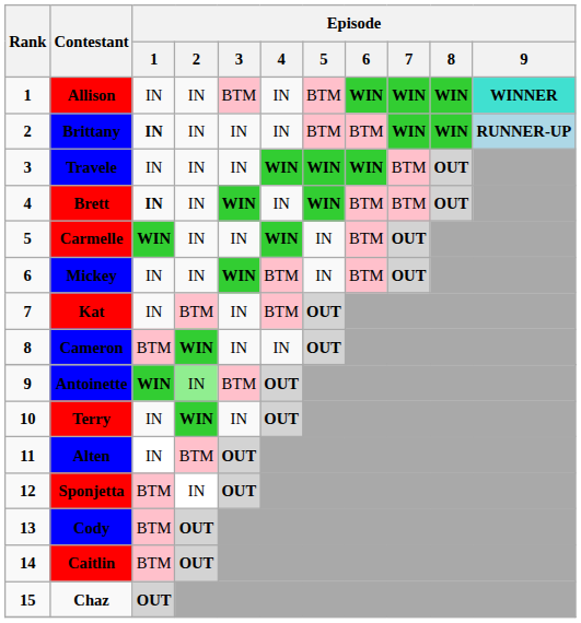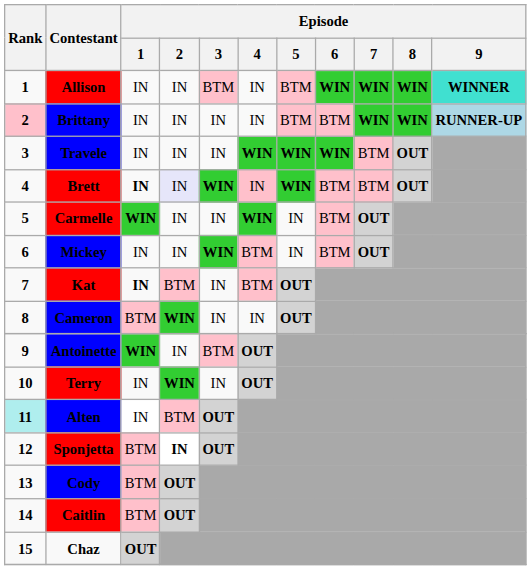 <table class="wikitable" style="text-align: center; font-size: 8.5pt; line-height:20px;">
 <tr>
 <th rowspan="2">Rank</th>
 <th rowspan="2">Contestant</th>
 <th colspan="10">Episode</th>
 </tr>
 <tr>
 <th>1</th>
 <th>2</th>
 <th>3</th>
 <th>4</th>
 <th>5</th>
 <th>6</th>
 <th>7</th>
 <th>8</th>
 <th>9</th>
 </tr>
 <tr>
 <td><strong>1</strong></td>
 <td style="background:red"><span><strong>Allison</strong></span></td>
 <td>IN</td>
 <td>IN</td>
 <td style="background:pink;">BTM</td>
 <td>IN</td>
 <td style="background:pink;">BTM</td>
 <td style="background:limegreen;"><strong>WIN</strong></td>
 <td style="background:limegreen;"><strong>WIN</strong></td>
 <td style="background:limegreen;"><strong>WIN</strong></td>
 <td style="background:turquoise;"><strong>WINNER</strong></td>
 </tr>
 <tr>
-<td><strong>2</strong></td>
+<td style="background: pink;"><strong>2</strong></td>
 <td style="background:blue"><span><strong>Brittany</strong></span></td>
-<td><strong>IN</strong></td>
+<td>IN</td>
 <td>IN</td>
 <td>IN</td>
 <td>IN</td>
 <td style="background:pink;">BTM</td>
 <td style="background:pink;">BTM</td>
 <td style="background:limegreen;"><strong>WIN</strong></td>
 <td style="background:limegreen;"><strong>WIN</strong></td>
 <td style="background:lightblue;"><strong>RUNNER-UP</strong></td>
 </tr>
 <tr>
 <td><strong>3</strong></td>
 <td style="background:blue"><span><strong>Travele</strong></span></td>
 <td>IN</td>
 <td>IN</td>
 <td>IN</td>
 <td style="background:limegreen;"><strong>WIN</strong></td>
 <td style="background:limegreen;"><strong>WIN</strong></td>
 <td style="background:limegreen;"><strong>WIN</strong></td>
 <td style="background:pink;">BTM</td>
 <td style="background:lightgray;"><strong>OUT</strong></td>
 <td colspan="10" style="background:darkgrey;"></td>
 </tr>
 <tr>
 <td><strong>4</strong></td>
 <td style="background:RED"><span><strong>Brett</strong></span></td>
 <td><strong>IN</strong></td>
-<td>IN</td>
+<td style="background: lavender;">IN</td>
 <td style="background:limegreen;"><strong>WIN</strong></td>
-<td>IN</td>
+<td style="background: pink;">IN</td>
 <td style="background:limegreen;"><strong>WIN</strong></td>
 <td style="background:pink;">BTM</td>
 <td style="background:pink;">BTM</td>
 <td style="background:lightgray;"><strong>OUT</strong></td>
 <td colspan="10" style="background:darkgrey;"></td>
 </tr>
 <tr>
 <td><strong>5</strong></td>
 <td style="background:red"><span><strong>Carmelle</strong></span></td>
 <td style="background:limegreen;"><strong>WIN</strong></td>
 <td>IN</td>
 <td>IN</td>
 <td style="background:limegreen;"><strong>WIN</strong></td>
 <td>IN</td>
 <td style="background:pink;">BTM</td>
 <td style="background:lightgray;"><strong>OUT</strong></td>
 <td colspan="10" style="background:darkgrey;"></td>
 </tr>
 <tr>
 <td><strong>6</strong></td>
 <td style="background:blue"><span><strong>Mickey</strong></span></td>
 <td>IN</td>
 <td>IN</td>
 <td style="background:limegreen;"><strong>WIN</strong></td>
 <td style="background:pink;">BTM</td>
 <td>IN</td>
 <td style="background:pink;">BTM</td>
 <td style="background:lightgray;"><strong>OUT</strong></td>
 <td colspan="10" style="background:darkgrey;"></td>
 </tr>
 <tr>
 <td><strong>7</strong></td>
 <td style="background:red"><span><strong>Kat</strong></span></td>
-<td>IN</td>
+<td><strong>IN</strong></td>
 <td style="background:pink;">BTM</td>
 <td>IN</td>
 <td style="background:pink;">BTM</td>
 <td style="background:lightgray;"><strong>OUT</strong></td>
 <td colspan="10" style="background:darkgrey;"></td>
 </tr>
 <tr>
 <td><strong>8</strong></td>
 <td style="background:blue"><span><strong>Cameron</strong></span></td>
 <td style="background:pink;">BTM</td>
 <td style="background:limegreen;"><strong>WIN</strong></td>
 <td>IN</td>
 <td>IN</td>
 <td style="background:lightgray;"><strong>OUT</strong></td>
 <td colspan="10" style="background:darkgrey;"></td>
 </tr>
 <tr>
 </tr>
 <tr>
 <td><strong>9</strong></td>
 <td style="background:blue"><span><strong>Antoinette</strong></span></td>
 <td style="background:limegreen;"><strong>WIN</strong></td>
-<td style="background: lightgreen;">IN</td>
+<td>IN</td>
 <td style="background:pink;">BTM</td>
 <td style="background:lightgray;"><strong>OUT</strong></td>
 <td colspan="10" style="background:darkgrey;"></td>
 </tr>
 <tr>
 <td><strong>10</strong></td>
 <td style="background:red"><span><strong>Terry</strong></span></td>
 <td>IN</td>
 <td style="background:limegreen;"><strong>WIN</strong></td>
 <td>IN</td>
 <td style="background:lightgray;"><strong>OUT</strong></td>
 <td colspan="10" style="background:darkgrey;"></td>
 </tr>
 <tr>
-<td><strong>11</strong></td>
+<td style="background: paleturquoise;"><strong>11</strong></td>
 <td style="background:blue"><span><strong>Alten</strong></span></td>
 <td style="background:white;">IN</td>
 <td style="background:pink;">BTM</td>
 <td style="background:lightgray;"><strong>OUT</strong></td>
 <td colspan="10" style="background:darkgrey;"></td>
 </tr>
 <tr>
 <td><strong>12</strong></td>
 <td style="background:red"><span><strong>Sponjetta</strong></span></td>
 <td style="background:pink;">BTM</td>
-<td style="background:white;">IN</td>
+<td style="background:white;"><strong>IN</strong></td>
 <td style="background:lightgray;"><strong>OUT</strong></td>
 <td colspan="10" style="background:darkgrey;"></td>
 </tr>
 <tr>
 <td><strong>13</strong></td>
 <td style="background:blue"><span><strong>Cody</strong></span></td>
 <td style="background:pink;">BTM</td>
 <td style="background:lightgray;"><strong>OUT</strong></td>
 <td colspan="11" style="background:darkgrey;"></td>
 </tr>
 <tr>
 <td><strong>14</strong></td>
 <td style="background:red"><span><strong>Caitlin</strong></span></td>
 <td style="background:pink;">BTM</td>
 <td style="background:lightgray;"><strong>OUT</strong></td>
 <td colspan="11" style="background:darkgrey;"></td>
 </tr>
 <tr>
 <td><strong>15</strong></td>
 <td><strong>Chaz</strong></td>
 <td style="background:lightgray;"><strong>OUT</strong></td>
 <td colspan="12" style="background:darkgrey;"></td>
 </tr>
 <tr>
 </tr>
 </table>
